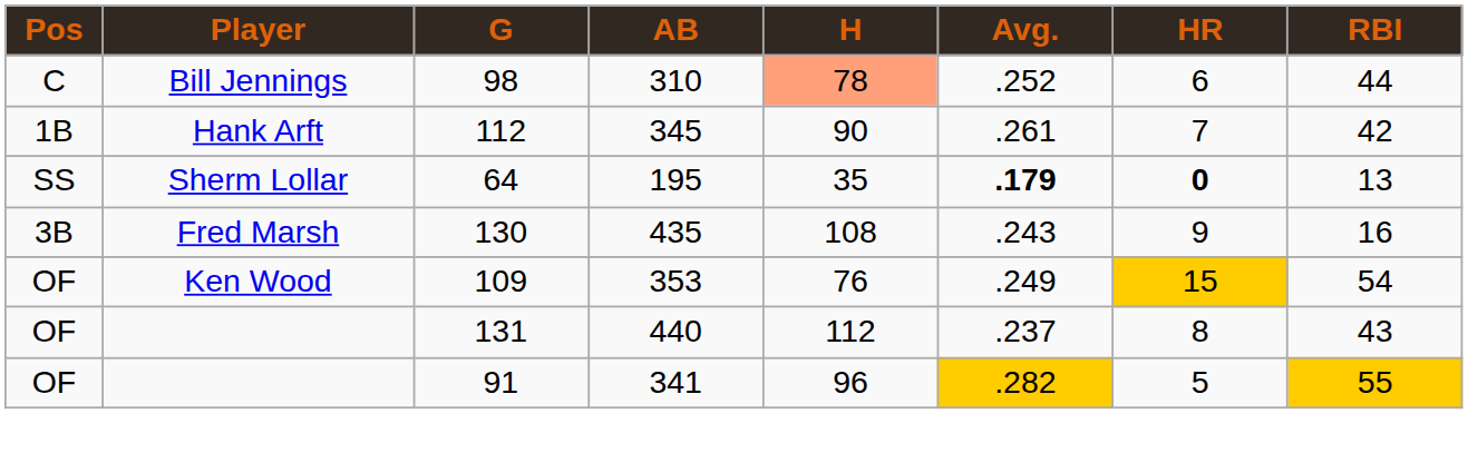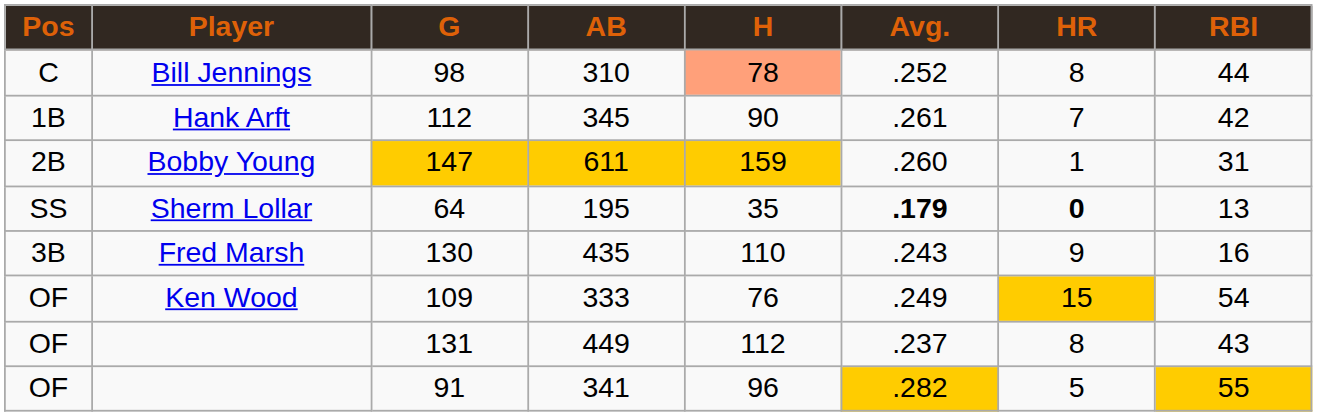 <table class="wikitable sortable">
 <tr>
 <th style="background:#312821;color:#de6108;" width="5%">Pos</th>
 <th style="background:#312821;color:#de6108;" width="16%">Player</th>
 <th style="background:#312821;color:#de6108;" width="9%">G</th>
 <th style="background:#312821;color:#de6108;" width="9%">AB</th>
 <th style="background:#312821;color:#de6108;" width="9%">H</th>
 <th style="background:#312821;color:#de6108;" width="9%">Avg.</th>
 <th style="background:#312821;color:#de6108;" width="9%">HR</th>
 <th style="background:#312821;color:#de6108;" width="9%">RBI</th>
 </tr>
 <tr align="center">
 <td>C</td>
 <td><a href='#'>Bill Jennings</a></td>
 <td>98</td>
 <td>310</td>
 <td style="background: lightsalmon;">78</td>
 <td>.252</td>
-<td>6</td>
+<td>8</td>
 <td>44</td>
 </tr>
 <tr align="center">
 <td>1B</td>
 <td><a href='#'>Hank Arft</a></td>
 <td>112</td>
 <td>345</td>
 <td>90</td>
 <td>.261</td>
 <td>7</td>
 <td>42</td>
+</tr>
+<tr align="center">
+<td>2B</td>
+<td><a href='#'>Bobby Young</a></td>
+<td style="background:#fc0;">147</td>
+<td style="background:#fc0;">611</td>
+<td style="background:#fc0;">159</td>
+<td>.260</td>
+<td>1</td>
+<td>31</td>
 </tr>
 <tr align="center">
 <td>SS</td>
 <td><a href='#'>Sherm Lollar</a></td>
 <td>64</td>
 <td>195</td>
 <td>35</td>
 <td><strong>.179</strong></td>
 <td><strong>0</strong></td>
 <td>13</td>
 </tr>
 <tr align="center">
 <td>3B</td>
 <td><a href='#'>Fred Marsh</a></td>
 <td>130</td>
 <td>435</td>
-<td>108</td>
+<td>110</td>
 <td>.243</td>
 <td>9</td>
 <td>16</td>
 </tr>
 <tr align="center">
 <td>OF</td>
 <td><a href='#'>Ken Wood</a></td>
 <td>109</td>
-<td>353</td>
+<td>333</td>
 <td>76</td>
 <td>.249</td>
 <td style="background:#fc0;">15</td>
 <td>54</td>
 </tr>
 <tr align="center">
 <td>OF</td>
 <td></td>
 <td>131</td>
-<td>440</td>
+<td>449</td>
 <td>112</td>
 <td>.237</td>
 <td>8</td>
 <td>43</td>
 </tr>
 <tr align="center">
 <td>OF</td>
 <td></td>
 <td>91</td>
 <td>341</td>
 <td>96</td>
 <td style="background:#fc0;">.282</td>
 <td>5</td>
 <td style="background:#fc0;">55</td>
 </tr>
 </table>
